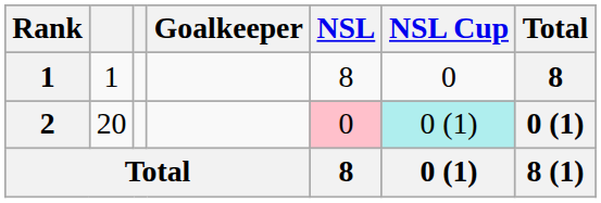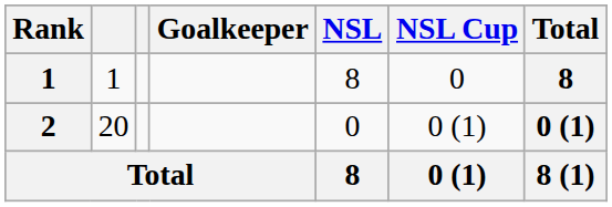 <table class="wikitable sortable" style="text-align:center">
 <tr>
 <th>Rank</th>
 <th></th>
 <th></th>
 <th>Goalkeeper</th>
 <th><a href='#'>NSL</a></th>
 <th><a href='#'>NSL Cup</a></th>
 <th>Total</th>
 </tr>
 <tr>
 <th>1</th>
 <td>1</td>
 <td></td>
 <td align="left"></td>
 <td>8</td>
 <td>0</td>
 <th>8</th>
 </tr>
 <tr>
 <th>2</th>
 <td>20</td>
 <td></td>
 <td align="left"></td>
-<td style="background: pink;">0</td>
-<td style="background: paleturquoise;">0 (1)</td>
+<td>0</td>
+<td>0 (1)</td>
 <th>0 (1)</th>
 </tr>
 <tr>
 <th colspan="4">Total</th>
 <th>8</th>
 <th>0 (1)</th>
 <th>8 (1)</th>
 </tr>
 </table>
